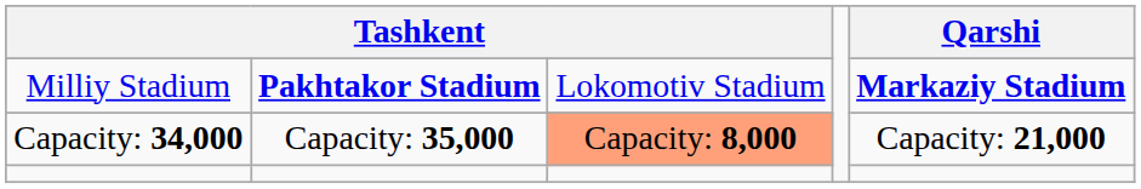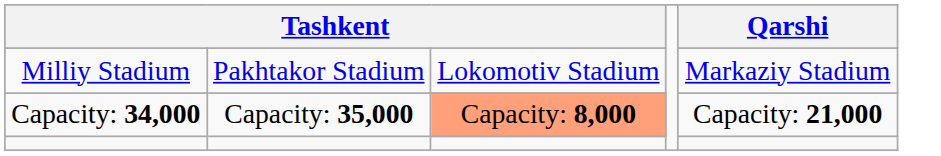 <table class="wikitable" style="text-align:center">
 <tr>
 <th colspan=3><a href='#'>Tashkent</a></th>
 <td rowspan=4></td>
 <th><a href='#'>Qarshi</a></th>
 </tr>
 <tr>
 <td><a href='#'>Milliy Stadium</a></td>
-<td><strong><a href='#'>Pakhtakor Stadium</a></strong></td>
+<td><a href='#'>Pakhtakor Stadium</a></td>
 <td><a href='#'>Lokomotiv Stadium</a></td>
-<td><strong><a href='#'>Markaziy Stadium</a></strong></td>
+<td><a href='#'>Markaziy Stadium</a></td>
 </tr>
 <tr>
 <td>Capacity: <strong>34,000</strong></td>
 <td>Capacity: <strong>35,000</strong></td>
 <td style="background: lightsalmon;">Capacity: <strong>8,000</strong></td>
 <td>Capacity: <strong>21,000</strong></td>
 </tr>
 <tr>
 <td></td>
 <td></td>
 <td></td>
 <td></td>
 </tr>
 </table>
